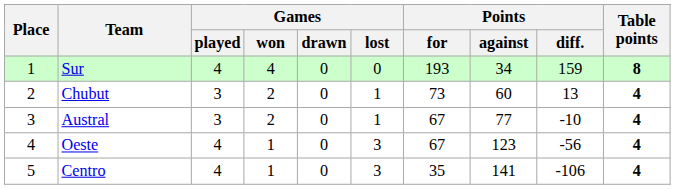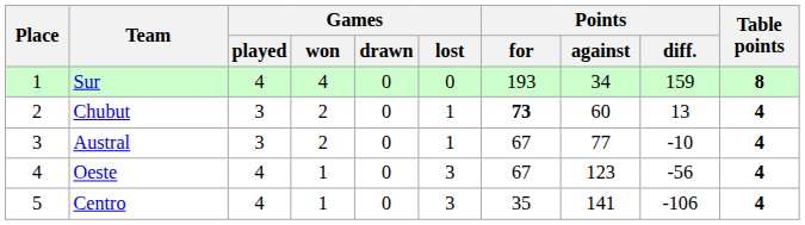 <table class="wikitable">
 <tr>
 <th rowspan=2 width="8%">Place</th>
 <th rowspan=2 width="20%">Team</th>
 <th colspan=4 width="32%">Games</th>
 <th colspan=3 width="30%">Points</th>
 <th rowspan=2 width="10%">Table<br>points</th>
 </tr>
 <tr>
 <th width="8%">played</th>
 <th width="8%">won</th>
 <th width="8%">drawn</th>
 <th width="8%">lost</th>
 <th width="10%">for</th>
 <th width="10%">against</th>
 <th width="10%">diff.</th>
 </tr>
 <tr align=center style="background: #ccffcc;">
 <td>1</td>
 <td align=left><a href='#'>Sur</a></td>
 <td>4</td>
 <td>4</td>
 <td>0</td>
 <td>0</td>
 <td>193</td>
 <td>34</td>
 <td>159</td>
 <td><strong>8</strong></td>
 </tr>
 <tr align=center style="background: #ffffff;">
 <td>2</td>
 <td align=left><a href='#'>Chubut</a></td>
 <td>3</td>
 <td>2</td>
 <td>0</td>
 <td>1</td>
-<td>73</td>
+<td><strong>73</strong></td>
 <td>60</td>
 <td>13</td>
 <td><strong>4</strong></td>
 </tr>
 <tr align=center style="background: #ffffff;">
 <td>3</td>
 <td align=left><a href='#'>Austral</a></td>
 <td>3</td>
 <td>2</td>
 <td>0</td>
 <td>1</td>
 <td>67</td>
 <td>77</td>
 <td>-10</td>
 <td><strong>4</strong></td>
 </tr>
 <tr align=center style="background: #ffffff;">
 <td>4</td>
 <td align=left><a href='#'>Oeste</a></td>
 <td>4</td>
 <td>1</td>
 <td>0</td>
 <td>3</td>
 <td>67</td>
 <td>123</td>
 <td>-56</td>
 <td><strong>4</strong></td>
 </tr>
 <tr align=center style="background: #ffffff;">
 <td>5</td>
 <td align=left><a href='#'>Centro</a></td>
 <td>4</td>
 <td>1</td>
 <td>0</td>
 <td>3</td>
 <td>35</td>
 <td>141</td>
 <td>-106</td>
 <td><strong>4</strong></td>
 </tr>
 </table>
